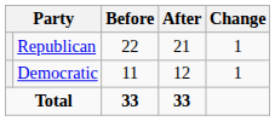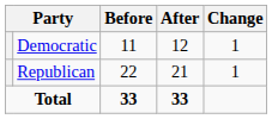 <table class="wikitable" style="text-align:center;">
 <tr>
 <th colspan="2">Party</th>
 <th>Before</th>
 <th>After</th>
 <th>Change</th>
 </tr>
 <tr>
 <th style="background-color:"></th>
-<td style="text-align:left;"><a href='#'>Republican</a></td>
-<td>22</td>
-<td>21</td>
+<td style="text-align:left;"><a href='#'>Democratic</a></td>
+<td>11</td>
+<td>12</td>
 <td> 1</td>
 </tr>
 <tr>
 <th style="background-color:"></th>
-<td style="text-align:left;"><a href='#'>Democratic</a></td>
-<td>11</td>
-<td>12</td>
+<td style="text-align:left;"><a href='#'>Republican</a></td>
+<td>22</td>
+<td>21</td>
 <td> 1</td>
 </tr>
 <tr>
 <td colspan="2"><strong>Total</strong></td>
 <td><strong>33</strong></td>
 <td><strong>33</strong></td>
 <td></td>
 </tr>
 </table>
